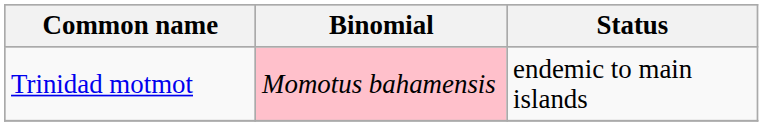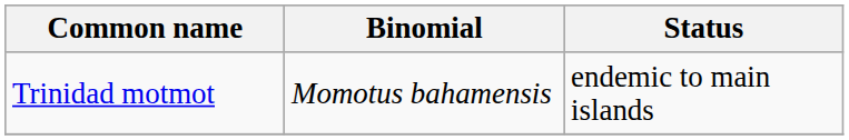 <table width=72% class="wikitable">
 <tr>
 <th width=24%>Common name</th>
 <th width=24%>Binomial</th>
 <th width=24%>Status</th>
 </tr>
 <tr>
 <td><a href='#'>Trinidad motmot</a></td>
-<td style="background: pink;"><em>Momotus bahamensis</em></td>
+<td><em>Momotus bahamensis</em></td>
 <td>endemic to main islands</td>
 </tr>
 <tr>
 </tr>
 </table>
